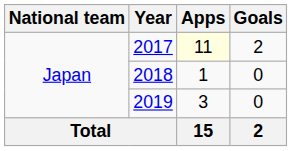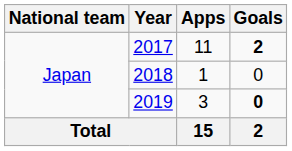 <table class="wikitable" style="text-align:center">
 <tr>
 <th>National team</th>
 <th>Year</th>
 <th>Apps</th>
 <th>Goals</th>
 </tr>
 <tr>
 <td rowspan="3"><a href='#'>Japan</a></td>
 <td><a href='#'>2017</a></td>
-<td style="background: lightyellow;">11</td>
-<td>2</td>
+<td>11</td>
+<td><strong>2</strong></td>
 </tr>
 <tr>
 <td><a href='#'>2018</a></td>
 <td>1</td>
 <td>0</td>
 </tr>
 <tr>
 <td><a href='#'>2019</a></td>
 <td>3</td>
-<td>0</td>
+<td><strong>0</strong></td>
 </tr>
 <tr>
 <th colspan="2">Total</th>
 <th>15</th>
 <th>2</th>
 </tr>
 </table>
